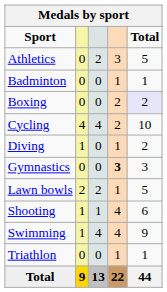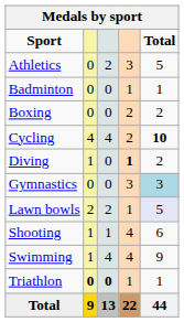 <table class="wikitable" style="font-size:85%;float:right;text-align:center">
 <tr>
 <th colspan=5>Medals by sport</th>
 </tr>
 <tr align=center>
 <td><strong>Sport</strong></td>
 <td style="background:#f7f6a8;"></td>
 <td style="background:#dce5e5;"></td>
 <td style="background:#ffdab9;"></td>
 <td><strong>Total</strong></td>
 </tr>
 <tr align=center>
 <td align=left><a href='#'>Athletics</a></td>
 <td style="background:#f7f6a8;">0</td>
 <td style="background:#dce5e5;">2</td>
 <td style="background:#ffdab9;">3</td>
 <td>5</td>
 </tr>
 <tr align=center>
 <td align=left><a href='#'>Badminton</a></td>
 <td style="background:#f7f6a8;">0</td>
 <td style="background:#dce5e5;">0</td>
 <td style="background:#ffdab9;">1</td>
 <td>1</td>
 </tr>
 <tr align=center>
 <td align=left><a href='#'>Boxing</a></td>
 <td style="background:#f7f6a8;">0</td>
 <td style="background:#dce5e5;">0</td>
 <td style="background:#ffdab9;">2</td>
-<td style="background: lavender;">2</td>
+<td>2</td>
 </tr>
 <tr align=center>
 <td align=left><a href='#'>Cycling</a></td>
 <td style="background:#f7f6a8;">4</td>
 <td style="background:#dce5e5;">4</td>
 <td style="background:#ffdab9;">2</td>
-<td>10</td>
+<td><strong>10</strong></td>
 </tr>
 <tr align=center>
 <td align=left><a href='#'>Diving</a></td>
 <td style="background:#f7f6a8;">1</td>
 <td style="background:#dce5e5;">0</td>
-<td style="background:#ffdab9;">1</td>
+<td style="background:#ffdab9;"><strong>1</strong></td>
 <td>2</td>
 </tr>
 <tr align=center>
 <td align=left><a href='#'>Gymnastics</a></td>
 <td style="background:#f7f6a8;">0</td>
 <td style="background:#dce5e5;">0</td>
-<td style="background:#ffdab9;"><strong>3</strong></td>
-<td>3</td>
+<td style="background:#ffdab9;">3</td>
+<td style="background: lightblue;">3</td>
 </tr>
 <tr align=center>
 <td align=left><a href='#'>Lawn bowls</a></td>
 <td style="background:#f7f6a8;">2</td>
 <td style="background:#dce5e5;">2</td>
 <td style="background:#ffdab9;">1</td>
-<td>5</td>
+<td style="background: lavender;">5</td>
 </tr>
 <tr align=center>
 <td align=left><a href='#'>Shooting</a></td>
 <td style="background:#f7f6a8;">1</td>
 <td style="background:#dce5e5;">1</td>
 <td style="background:#ffdab9;">4</td>
 <td>6</td>
 </tr>
 <tr align=center>
 <td align=left><a href='#'>Swimming</a></td>
 <td style="background:#f7f6a8;">1</td>
 <td style="background:#dce5e5;">4</td>
 <td style="background:#ffdab9;">4</td>
 <td>9</td>
 </tr>
 <tr align=center>
 <td align=left><a href='#'>Triathlon</a></td>
-<td style="background:#f7f6a8;">0</td>
-<td style="background:#dce5e5;">0</td>
+<td style="background:#f7f6a8;"><strong>0</strong></td>
+<td style="background:#dce5e5;"><strong>0</strong></td>
 <td style="background:#ffdab9;">1</td>
 <td>1</td>
 </tr>
 <tr align=center>
 <th style="background:#efefef;">Total</th>
 <th style="background:gold;">9</th>
 <th style="background:silver;">13</th>
 <th style="background:#c96;">22</th>
 <th>44</th>
 </tr>
 </table>
